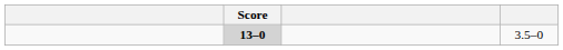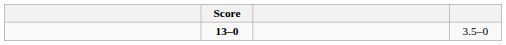 <table class="wikitable" style="text-align: center; ">
 <tr>
 <th align="right" width="270"></th>
 <th width="65">Score</th>
 <th align="left" width="270"></th>
 <th width="65"></th>
 </tr>
 <tr>
 <td align="left"><strong></strong></td>
-<td style="background: lightgrey;"><strong>13–0</strong></td>
+<td><strong>13–0</strong></td>
 <td align="left"></td>
 <td>3.5–0 <strong></strong></td>
 </tr>
 </table>
